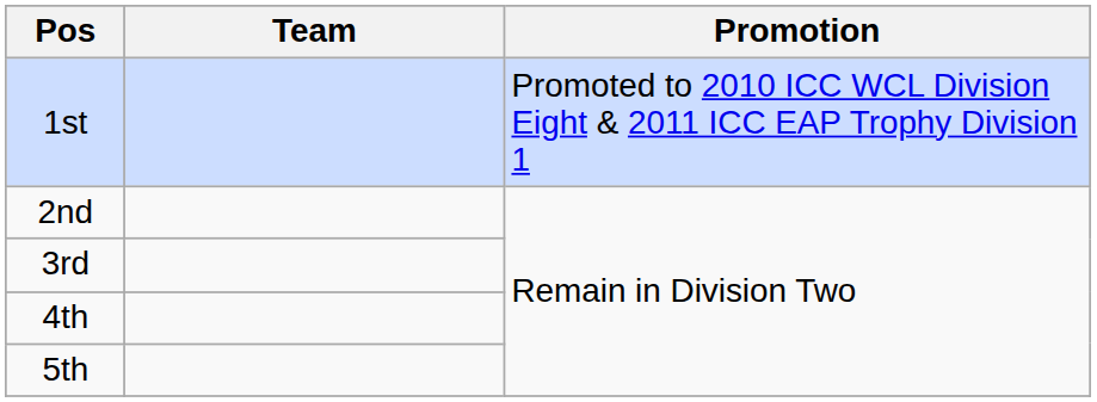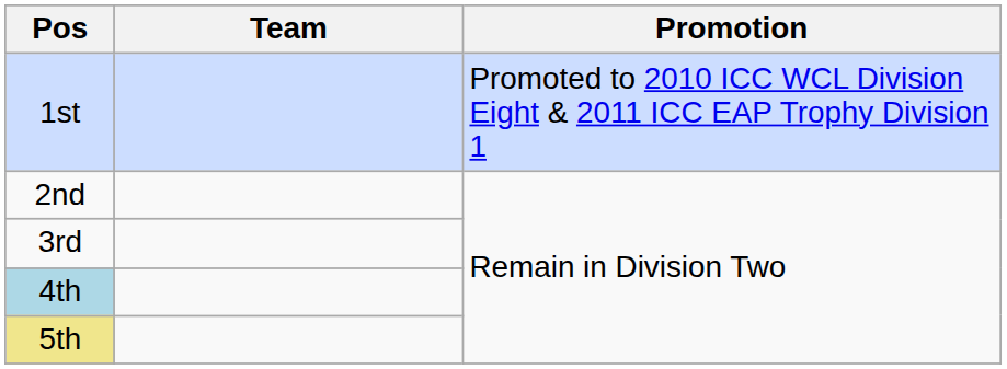 <table class="wikitable">
 <tr>
 <th width=50>Pos</th>
 <th width=175>Team</th>
 <th width=275>Promotion</th>
 </tr>
 <tr style="background:#ccddff">
 <td align="center">1st</td>
 <td></td>
 <td rowspan=1>Promoted to <a href='#'>2010 ICC WCL Division Eight</a> & <a href='#'>2011 ICC EAP Trophy Division 1</a></td>
 </tr>
 <tr>
 <td align="center">2nd</td>
 <td></td>
 <td rowspan= 4>Remain in Division Two</td>
 </tr>
 <tr>
 <td align="center">3rd</td>
 <td></td>
 </tr>
 <tr>
-<td align="center">4th</td>
+<td align="center" style="background: lightblue;">4th</td>
 <td></td>
 </tr>
 <tr>
-<td align="center">5th</td>
+<td align="center" style="background: khaki;">5th</td>
 <td></td>
 </tr>
 </table>
